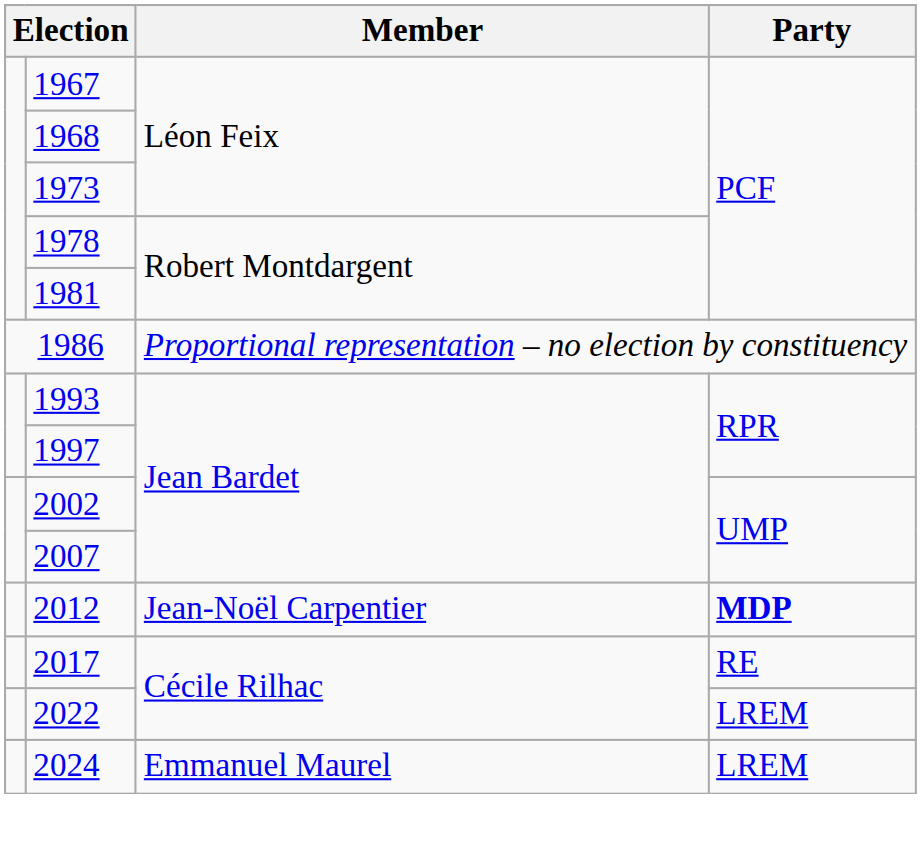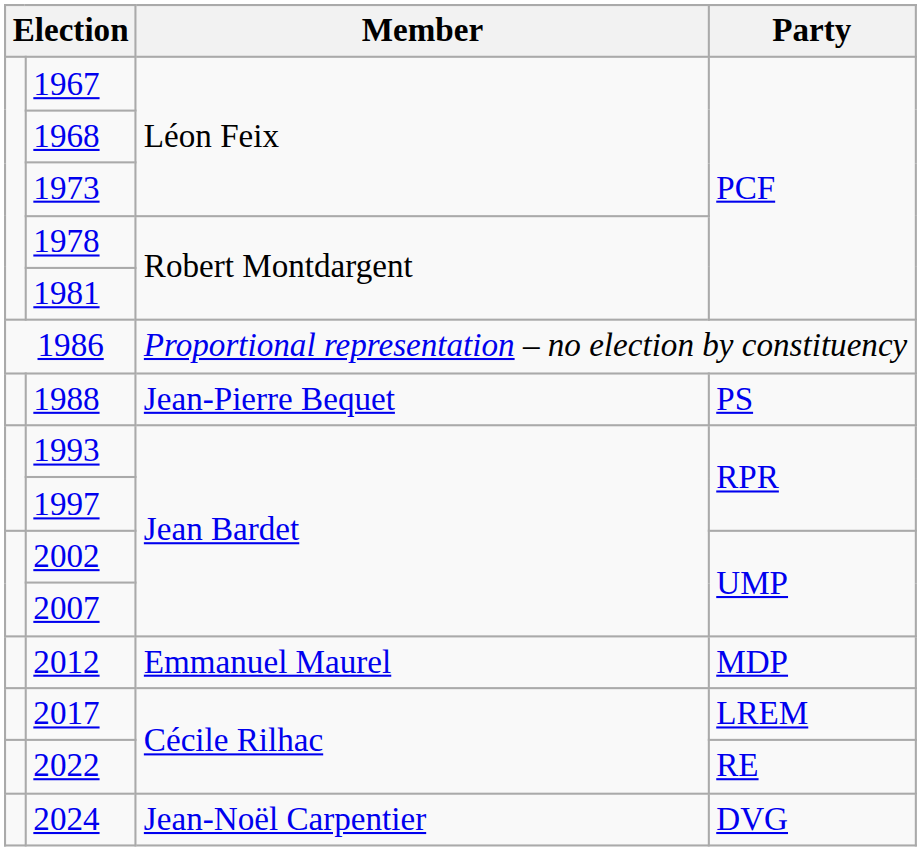 <table class="wikitable">
 <tr>
 <th colspan="2">Election</th>
 <th>Member</th>
 <th>Party</th>
 </tr>
 <tr>
 <td rowspan="5" style="color:inherit;background-color: "></td>
 <td><a href='#'>1967</a></td>
 <td rowspan="3">Léon Feix</td>
 <td rowspan="5"><a href='#'>PCF</a></td>
 </tr>
 <tr>
 <td><a href='#'>1968</a></td>
 </tr>
 <tr>
 <td><a href='#'>1973</a></td>
 </tr>
 <tr>
 <td><a href='#'>1978</a></td>
 <td rowspan="2">Robert Montdargent</td>
 </tr>
 <tr>
 <td><a href='#'>1981</a></td>
 </tr>
 <tr>
 <td colspan="2" align="center"><a href='#'>1986</a></td>
 <td colspan="2"><em><a href='#'>Proportional representation</a> – no election by constituency</em></td>
 </tr>
 <tr>
+<td style="color:inherit;background-color: "></td>
+<td><a href='#'>1988</a></td>
+<td><a href='#'>Jean-Pierre Bequet</a></td>
+<td><a href='#'>PS</a></td>
+</tr>
+<tr>
 <td rowspan="2" style="color:inherit;background-color: "></td>
 <td><a href='#'>1993</a></td>
 <td rowspan="4"><a href='#'>Jean Bardet</a></td>
 <td rowspan="2"><a href='#'>RPR</a></td>
 </tr>
 <tr>
 <td><a href='#'>1997</a></td>
 </tr>
 <tr>
 <td rowspan="2" style="color:inherit;background-color: "></td>
 <td><a href='#'>2002</a></td>
 <td rowspan="2"><a href='#'>UMP</a></td>
 </tr>
 <tr>
 <td><a href='#'>2007</a></td>
 </tr>
 <tr>
 <td style="color:inherit;background-color: "></td>
 <td><a href='#'>2012</a></td>
-<td><a href='#'>Jean-Noël Carpentier</a></td>
-<td><strong><a href='#'>MDP</a></strong></td>
+<td><a href='#'>Emmanuel Maurel</a></td>
+<td><a href='#'>MDP</a></td>
 </tr>
 <tr>
 <td style="color:inherit;background-color: "></td>
 <td><a href='#'>2017</a></td>
 <td rowspan="2"><a href='#'>Cécile Rilhac</a></td>
-<td><a href='#'>RE</a></td>
+<td><a href='#'>LREM</a></td>
 </tr>
 <tr>
 <td style="color:inherit;background-color: "></td>
 <td><a href='#'>2022</a></td>
-<td><a href='#'>LREM</a></td>
+<td><a href='#'>RE</a></td>
 </tr>
 <tr>
 <td></td>
 <td><a href='#'>2024</a></td>
-<td><a href='#'>Emmanuel Maurel</a></td>
-<td><a href='#'>LREM</a></td>
+<td><a href='#'>Jean-Noël Carpentier</a></td>
+<td><a href='#'>DVG</a></td>
 </tr>
 </table>
